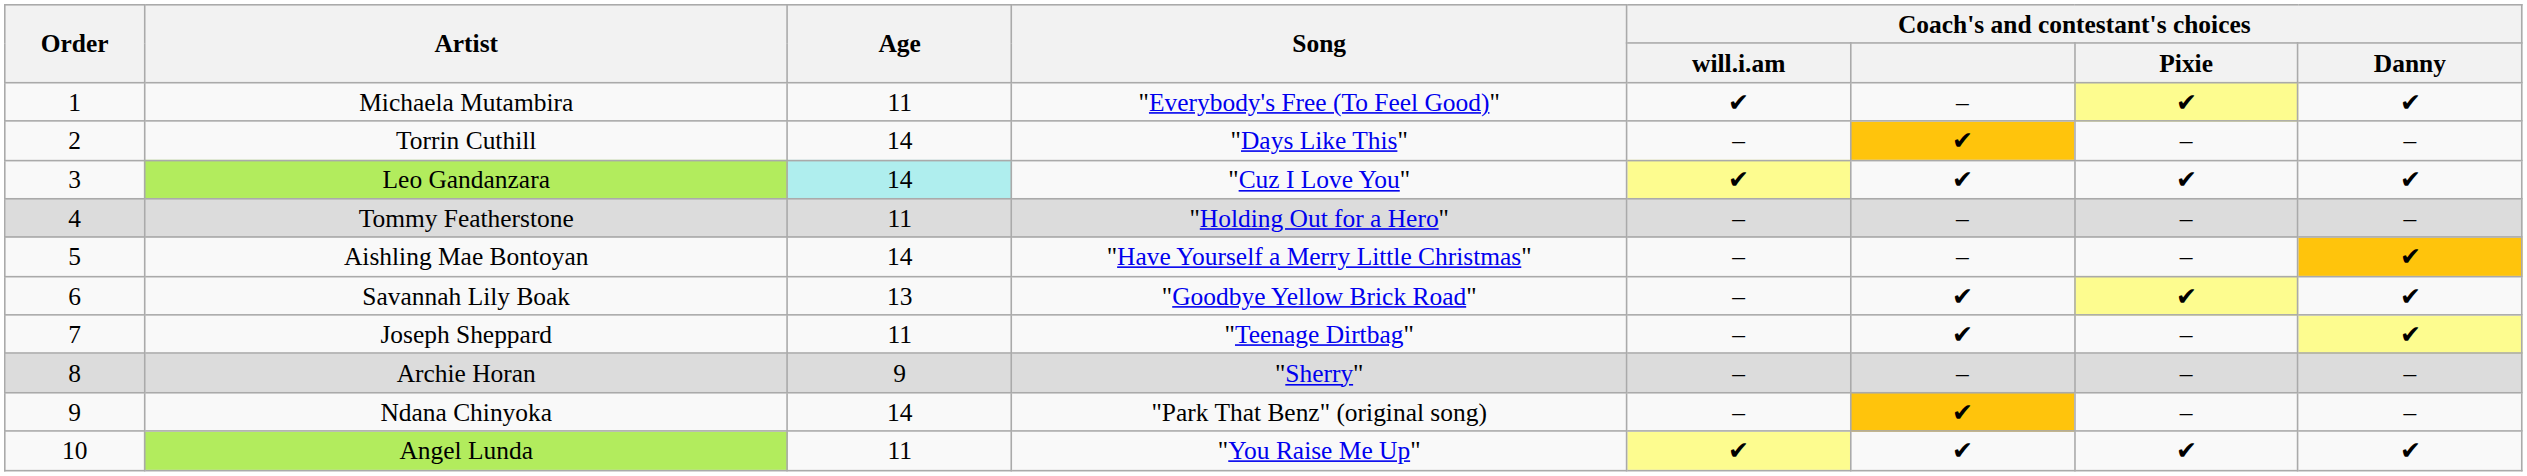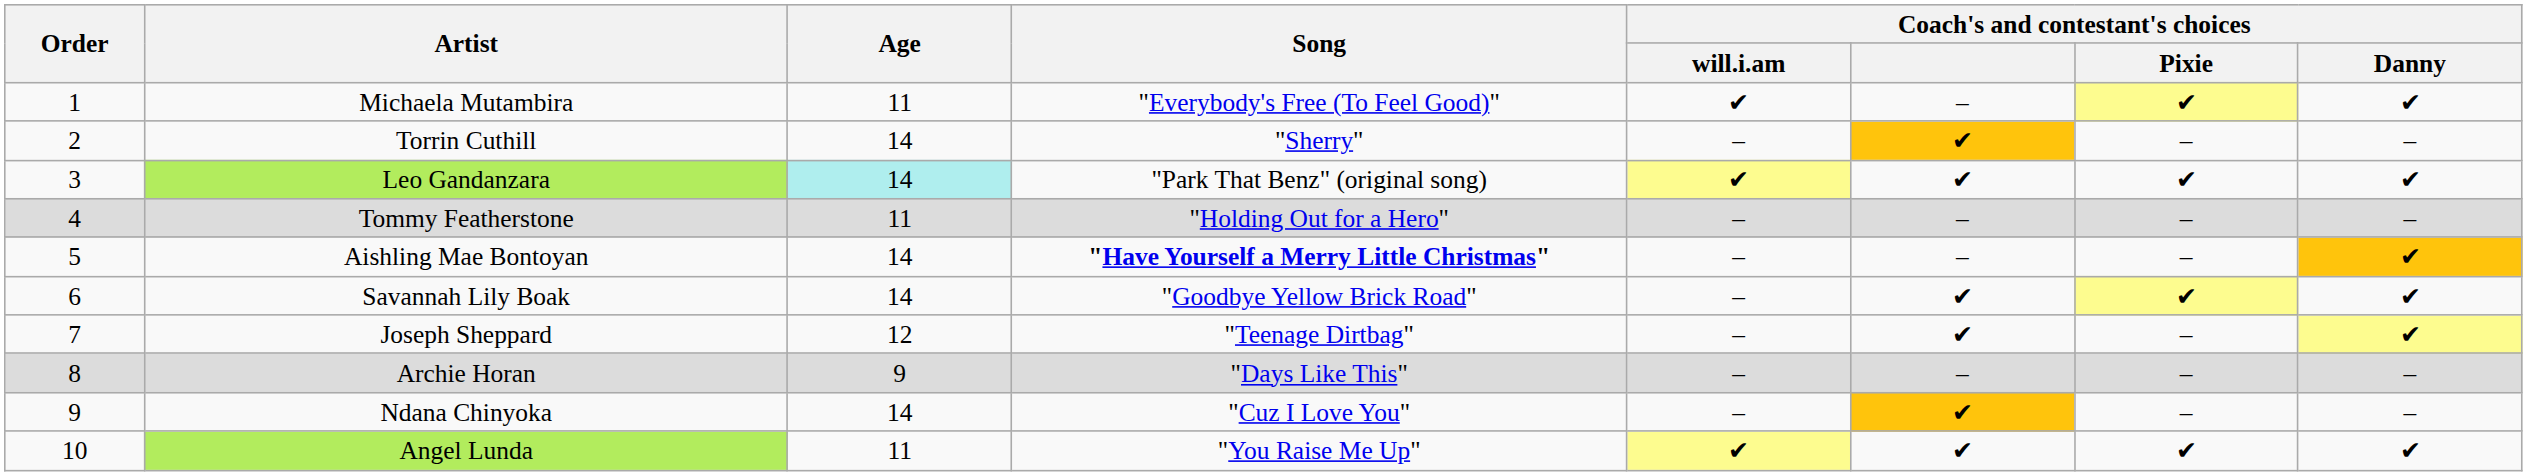 <table class="wikitable" style="text-align:center; line-height:17px; font-size:100%; width:100%">
 <tr>
 <th scope="col" rowspan="2" width="05%">Order</th>
 <th scope="col" rowspan="2" width="23%">Artist</th>
 <th scope="col" rowspan="2" width="08%">Age</th>
 <th scope="col" rowspan="2" width="22%">Song</th>
 <th scope="col" colspan="4" width="24%">Coach's and contestant's choices</th>
 </tr>
 <tr>
 <th width="8%">will.i.am</th>
 <th width="8%"></th>
 <th width="8%">Pixie</th>
 <th width="8%">Danny</th>
 </tr>
 <tr>
 <td>1</td>
 <td>Michaela Mutambira</td>
 <td>11</td>
 <td>"<a href='#'>Everybody's Free (To Feel Good)</a>"</td>
 <td>✔</td>
 <td>–</td>
 <td style="background:#fdfc8f">✔</td>
 <td>✔</td>
 </tr>
 <tr>
 <td>2</td>
 <td>Torrin Cuthill</td>
 <td>14</td>
-<td>"<a href='#'>Days Like This</a>"</td>
+<td>"<a href='#'>Sherry</a>"</td>
 <td>–</td>
 <td style="background:#FFC40C">✔</td>
 <td>–</td>
 <td>–</td>
 </tr>
 <tr>
 <td>3</td>
 <td style="background-color:#B2EC5D;">Leo Gandanzara</td>
 <td style="background: paleturquoise;">14</td>
-<td>"<a href='#'>Cuz I Love You</a>"</td>
+<td>"Park That Benz" (original song)</td>
 <td style="background:#fdfc8f">✔</td>
 <td>✔</td>
 <td>✔</td>
 <td>✔</td>
 </tr>
 <tr bgcolor="#dcdcdc">
 <td>4</td>
 <td>Tommy Featherstone</td>
 <td>11</td>
 <td>"<a href='#'>Holding Out for a Hero</a>"</td>
 <td>–</td>
 <td>–</td>
 <td>–</td>
 <td>–</td>
 </tr>
 <tr>
 <td>5</td>
 <td>Aishling Mae Bontoyan</td>
 <td>14</td>
-<td>"<a href='#'>Have Yourself a Merry Little Christmas</a>"</td>
+<td><strong>"<a href='#'>Have Yourself a Merry Little Christmas</a>"</strong></td>
 <td>–</td>
 <td>–</td>
 <td>–</td>
 <td style="background:#FFC40C">✔</td>
 </tr>
 <tr>
 <td>6</td>
 <td>Savannah Lily Boak</td>
-<td>13</td>
+<td>14</td>
 <td>"<a href='#'>Goodbye Yellow Brick Road</a>"</td>
 <td>–</td>
 <td>✔</td>
 <td style="background:#fdfc8f">✔</td>
 <td>✔</td>
 </tr>
 <tr>
 <td>7</td>
 <td>Joseph Sheppard</td>
-<td>11</td>
+<td>12</td>
 <td>"<a href='#'>Teenage Dirtbag</a>"</td>
 <td>–</td>
 <td>✔</td>
 <td>–</td>
 <td style="background:#fdfc8f">✔</td>
 </tr>
 <tr bgcolor="#dcdcdc">
 <td>8</td>
 <td>Archie Horan</td>
 <td>9</td>
-<td>"<a href='#'>Sherry</a>"</td>
+<td>"<a href='#'>Days Like This</a>"</td>
 <td>–</td>
 <td>–</td>
 <td>–</td>
 <td>–</td>
 </tr>
 <tr>
 <td>9</td>
 <td>Ndana Chinyoka</td>
 <td>14</td>
-<td>"Park That Benz" (original song)</td>
+<td>"<a href='#'>Cuz I Love You</a>"</td>
 <td>–</td>
 <td style="background:#FFC40C">✔</td>
 <td>–</td>
 <td>–</td>
 </tr>
 <tr>
 <td>10</td>
 <td style="background-color:#B2EC5D;">Angel Lunda</td>
 <td>11</td>
 <td>"<a href='#'>You Raise Me Up</a>"</td>
 <td style="background:#fdfc8f">✔</td>
 <td>✔</td>
 <td>✔</td>
 <td>✔</td>
 </tr>
 </table>
